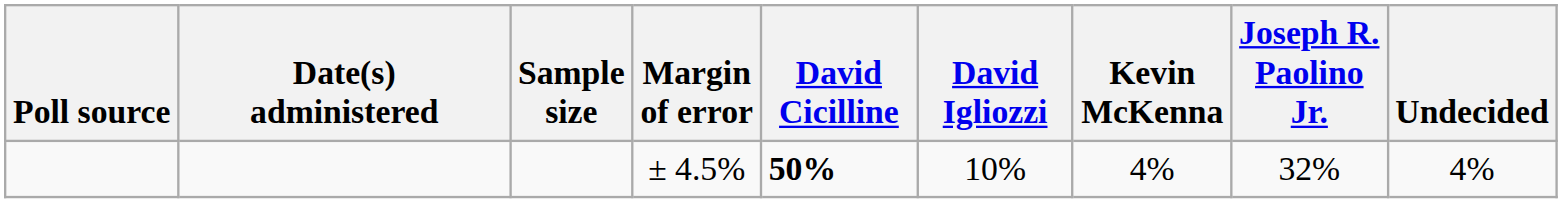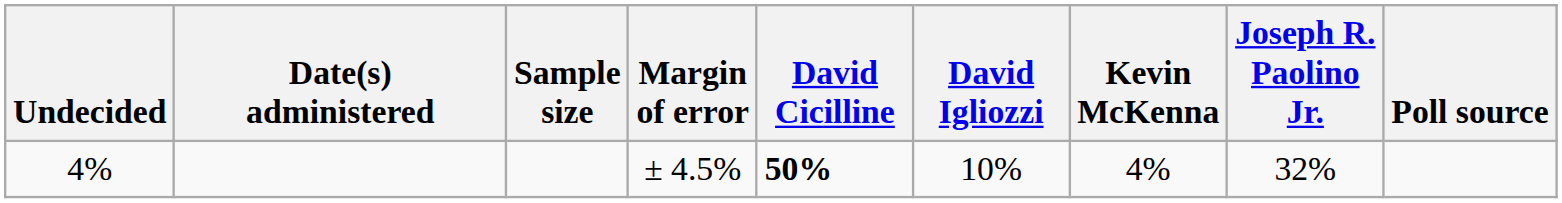 <table class="wikitable" style="font-size:90%;">
 <tr valign= bottom>
-<th>Poll source</th>
+<th>Undecided</th>
 <th style="width:135px;">Date(s)<br>administered</th>
 <th>Sample<br>size</th>
 <th>Margin<br>of error</th>
 <th style="width:60px;"><a href='#'>David<br>Cicilline</a></th>
 <th style="width:60px;"><a href='#'>David<br>Igliozzi</a></th>
 <th style="width:60px;">Kevin<br>McKenna</th>
 <th style="width:60px;"><a href='#'>Joseph R.<br>Paolino Jr.</a></th>
-<th>Undecided</th>
+<th>Poll source</th>
 </tr>
 <tr>
-<td></td>
+<td align=center>4%</td>
 <td align=center></td>
 <td align=center></td>
 <td align=center>± 4.5%</td>
 <td><strong>50%</strong></td>
 <td align=center>10%</td>
 <td align=center>4%</td>
 <td align=center>32%</td>
-<td align=center>4%</td>
+<td></td>
 </tr>
 </table>
